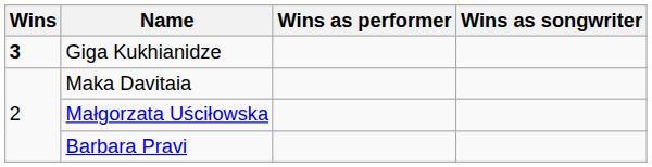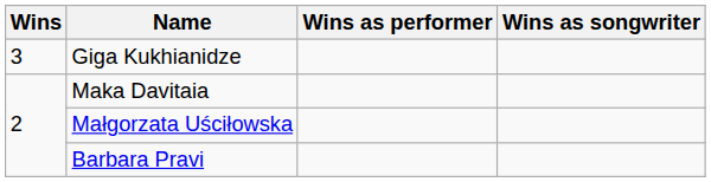 <table class="wikitable">
 <tr>
 <th scope="col">Wins</th>
 <th scope="col">Name</th>
 <th scope="col">Wins as performer</th>
 <th scope="col">Wins as songwriter</th>
 </tr>
 <tr>
-<td><strong>3</strong></td>
+<td>3</td>
 <td scope="row">Giga Kukhianidze</td>
 <td></td>
 <td></td>
 </tr>
 <tr>
 <td rowspan="3">2</td>
 <td scope="row">Maka Davitaia</td>
 <td></td>
 <td></td>
 </tr>
 <tr>
 <td scope="row"><a href='#'>Małgorzata Uściłowska</a></td>
 <td></td>
 <td></td>
 </tr>
 <tr>
 <td scope="row"><a href='#'>Barbara Pravi</a></td>
 <td></td>
 <td></td>
 </tr>
 </table>
